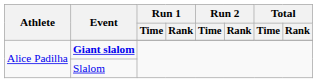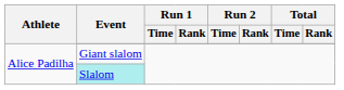 <table class="wikitable" style="font-size:90%">
 <tr>
 <th rowspan=2>Athlete</th>
 <th rowspan=2>Event</th>
 <th colspan=2>Run 1</th>
 <th colspan=2>Run 2</th>
 <th colspan=2>Total</th>
 </tr>
 <tr style="font-size:95%">
 <th>Time</th>
 <th>Rank</th>
 <th>Time</th>
 <th>Rank</th>
 <th>Time</th>
 <th>Rank</th>
 </tr>
 <tr>
 <td rowspan=3><a href='#'>Alice Padilha</a></td>
 </tr>
 <tr align=center>
-<td align="left"><strong><a href='#'>Giant slalom</a></strong></td>
+<td align="left"><a href='#'>Giant slalom</a></td>
 <td rowspan=2 colspan=6></td>
 </tr>
 <tr align=center>
-<td align="left"><a href='#'>Slalom</a></td>
+<td align="left" style="background: paleturquoise;"><a href='#'>Slalom</a></td>
 </tr>
 </table>
